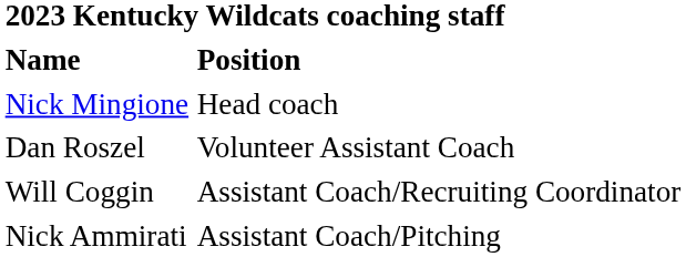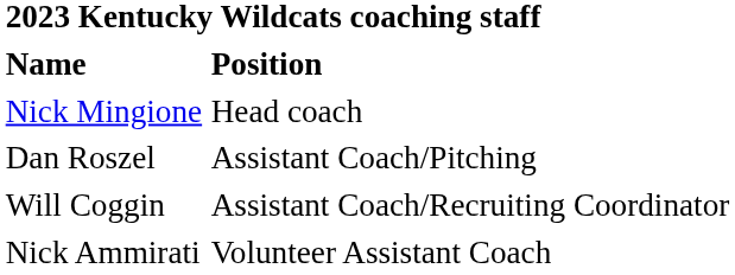 <table class="toccolours" style="text-align: left; font-size:90%;">
 <tr>
 <th colspan="9">2023 Kentucky Wildcats coaching staff</th>
 </tr>
 <tr>
 <th>Name</th>
 <th>Position</th>
 </tr>
 <tr>
 <td><a href='#'>Nick Mingione</a></td>
 <td>Head coach</td>
 </tr>
 <tr>
 <td>Dan Roszel</td>
-<td>Volunteer Assistant Coach</td>
+<td>Assistant Coach/Pitching</td>
 </tr>
 <tr>
 <td>Will Coggin</td>
 <td>Assistant Coach/Recruiting Coordinator</td>
 </tr>
 <tr>
 <td>Nick Ammirati</td>
-<td>Assistant Coach/Pitching</td>
+<td>Volunteer Assistant Coach</td>
 </tr>
 </table>
